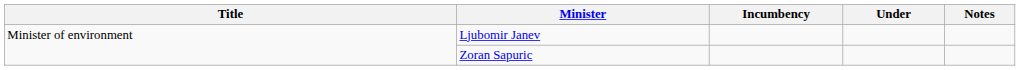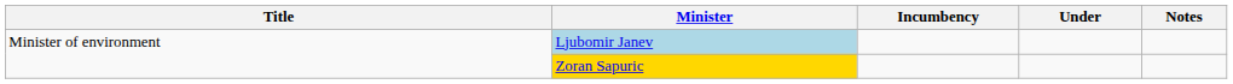 <table class="wikitable" style="width:100%;">
 <tr>
 <th>Title</th>
 <th style="width:25%;"><a href='#'>Minister</a></th>
 <th style="width:160px;">Incumbency</th>
 <th style="width:10%;">Under</th>
 <th style="width:7%;">Notes</th>
 </tr>
 <tr>
 <td rowspan="2" style="vertical-align:top;">Minister of environment</td>
-<td><a href='#'>Ljubomir Janev</a></td>
+<td style="background: lightblue;"><a href='#'>Ljubomir Janev</a></td>
 <td></td>
 <td></td>
 <td></td>
 </tr>
 <tr>
-<td><a href='#'>Zoran Sapuric</a></td>
+<td style="background: gold;"><a href='#'>Zoran Sapuric</a></td>
 <td></td>
 <td></td>
 <td></td>
 </tr>
 </table>
